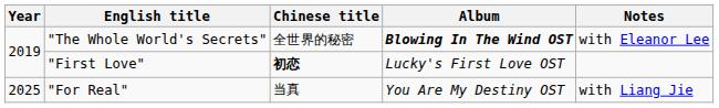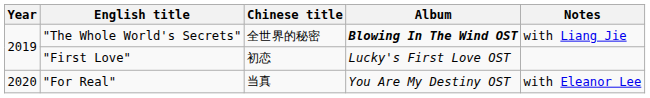 <table class="wikitable sortable">
 <tr>
 <th>Year</th>
 <th>English title</th>
 <th>Chinese title</th>
 <th>Album</th>
 <th>Notes</th>
 </tr>
 <tr>
 <td rowspan=2>2019</td>
 <td>"The Whole World's Secrets"</td>
 <td>全世界的秘密</td>
 <td><strong><em>Blowing In The Wind OST</em></strong></td>
-<td>with <a href='#'>Eleanor Lee</a></td>
+<td>with <a href='#'>Liang Jie</a></td>
 </tr>
 <tr>
 <td>"First Love"</td>
-<td><strong>初恋</strong></td>
+<td>初恋</td>
 <td><em>Lucky's First Love OST</em></td>
 <td></td>
 </tr>
 <tr>
-<td>2025</td>
+<td>2020</td>
 <td>"For Real"</td>
 <td>当真</td>
 <td><em>You Are My Destiny OST</em></td>
-<td>with <a href='#'>Liang Jie</a></td>
+<td>with <a href='#'>Eleanor Lee</a></td>
 </tr>
 </table>
